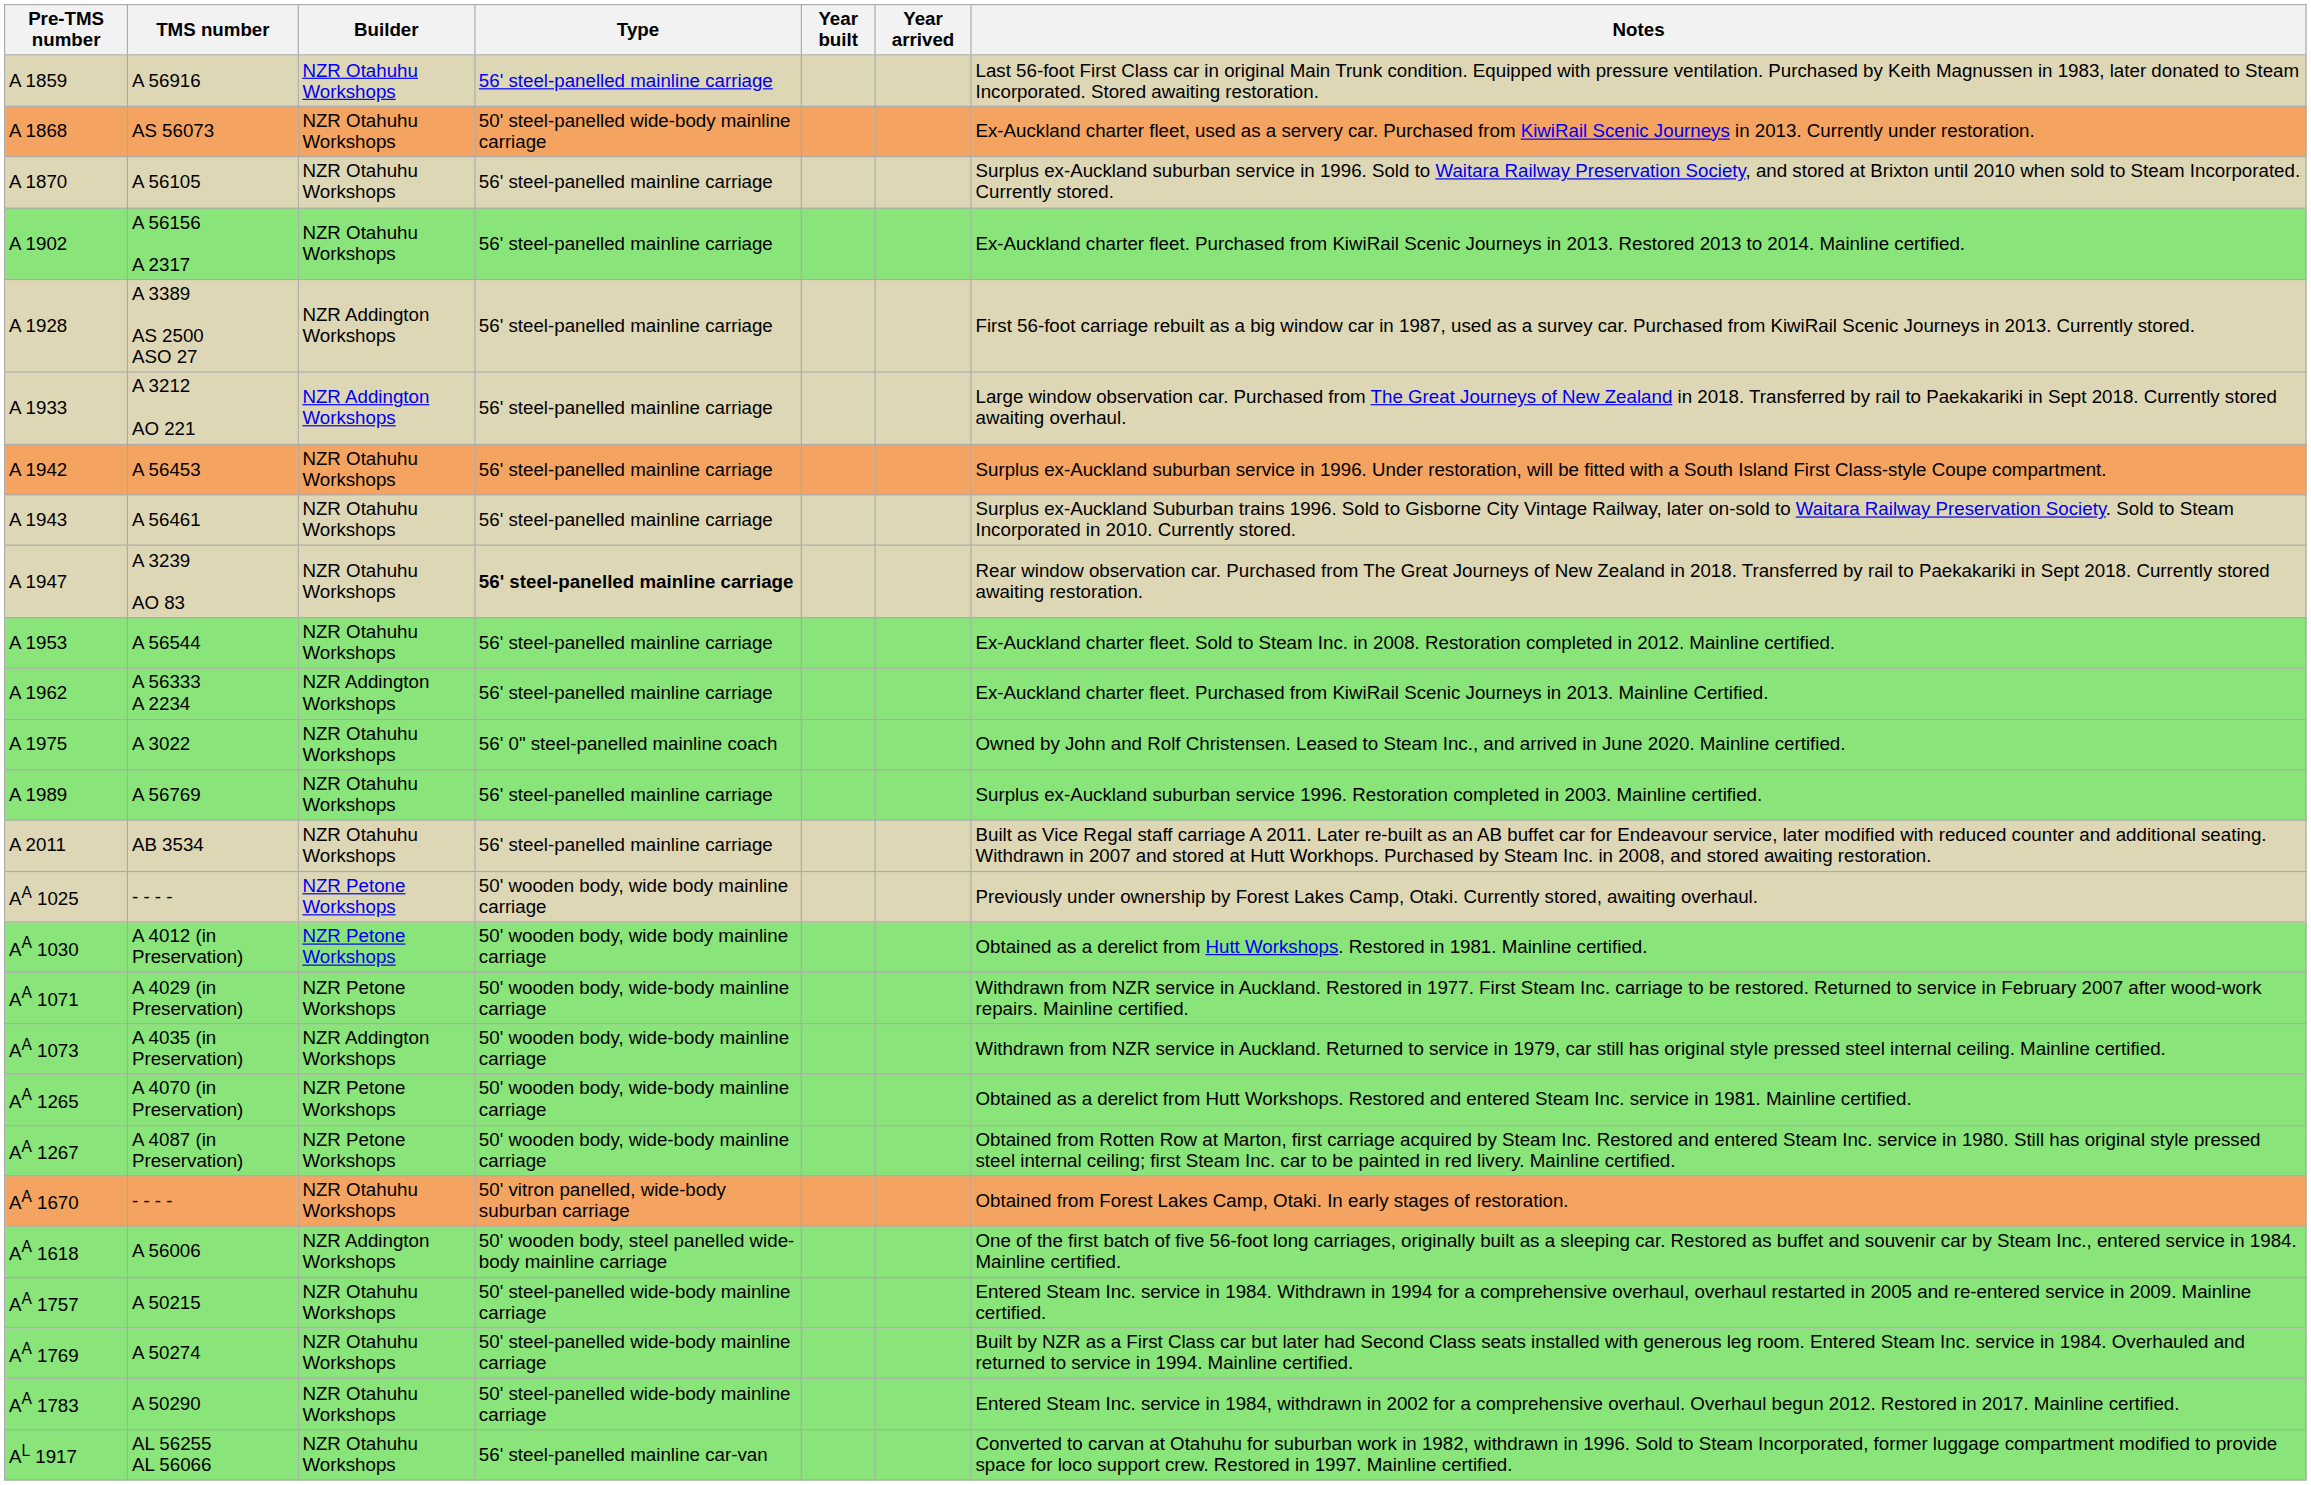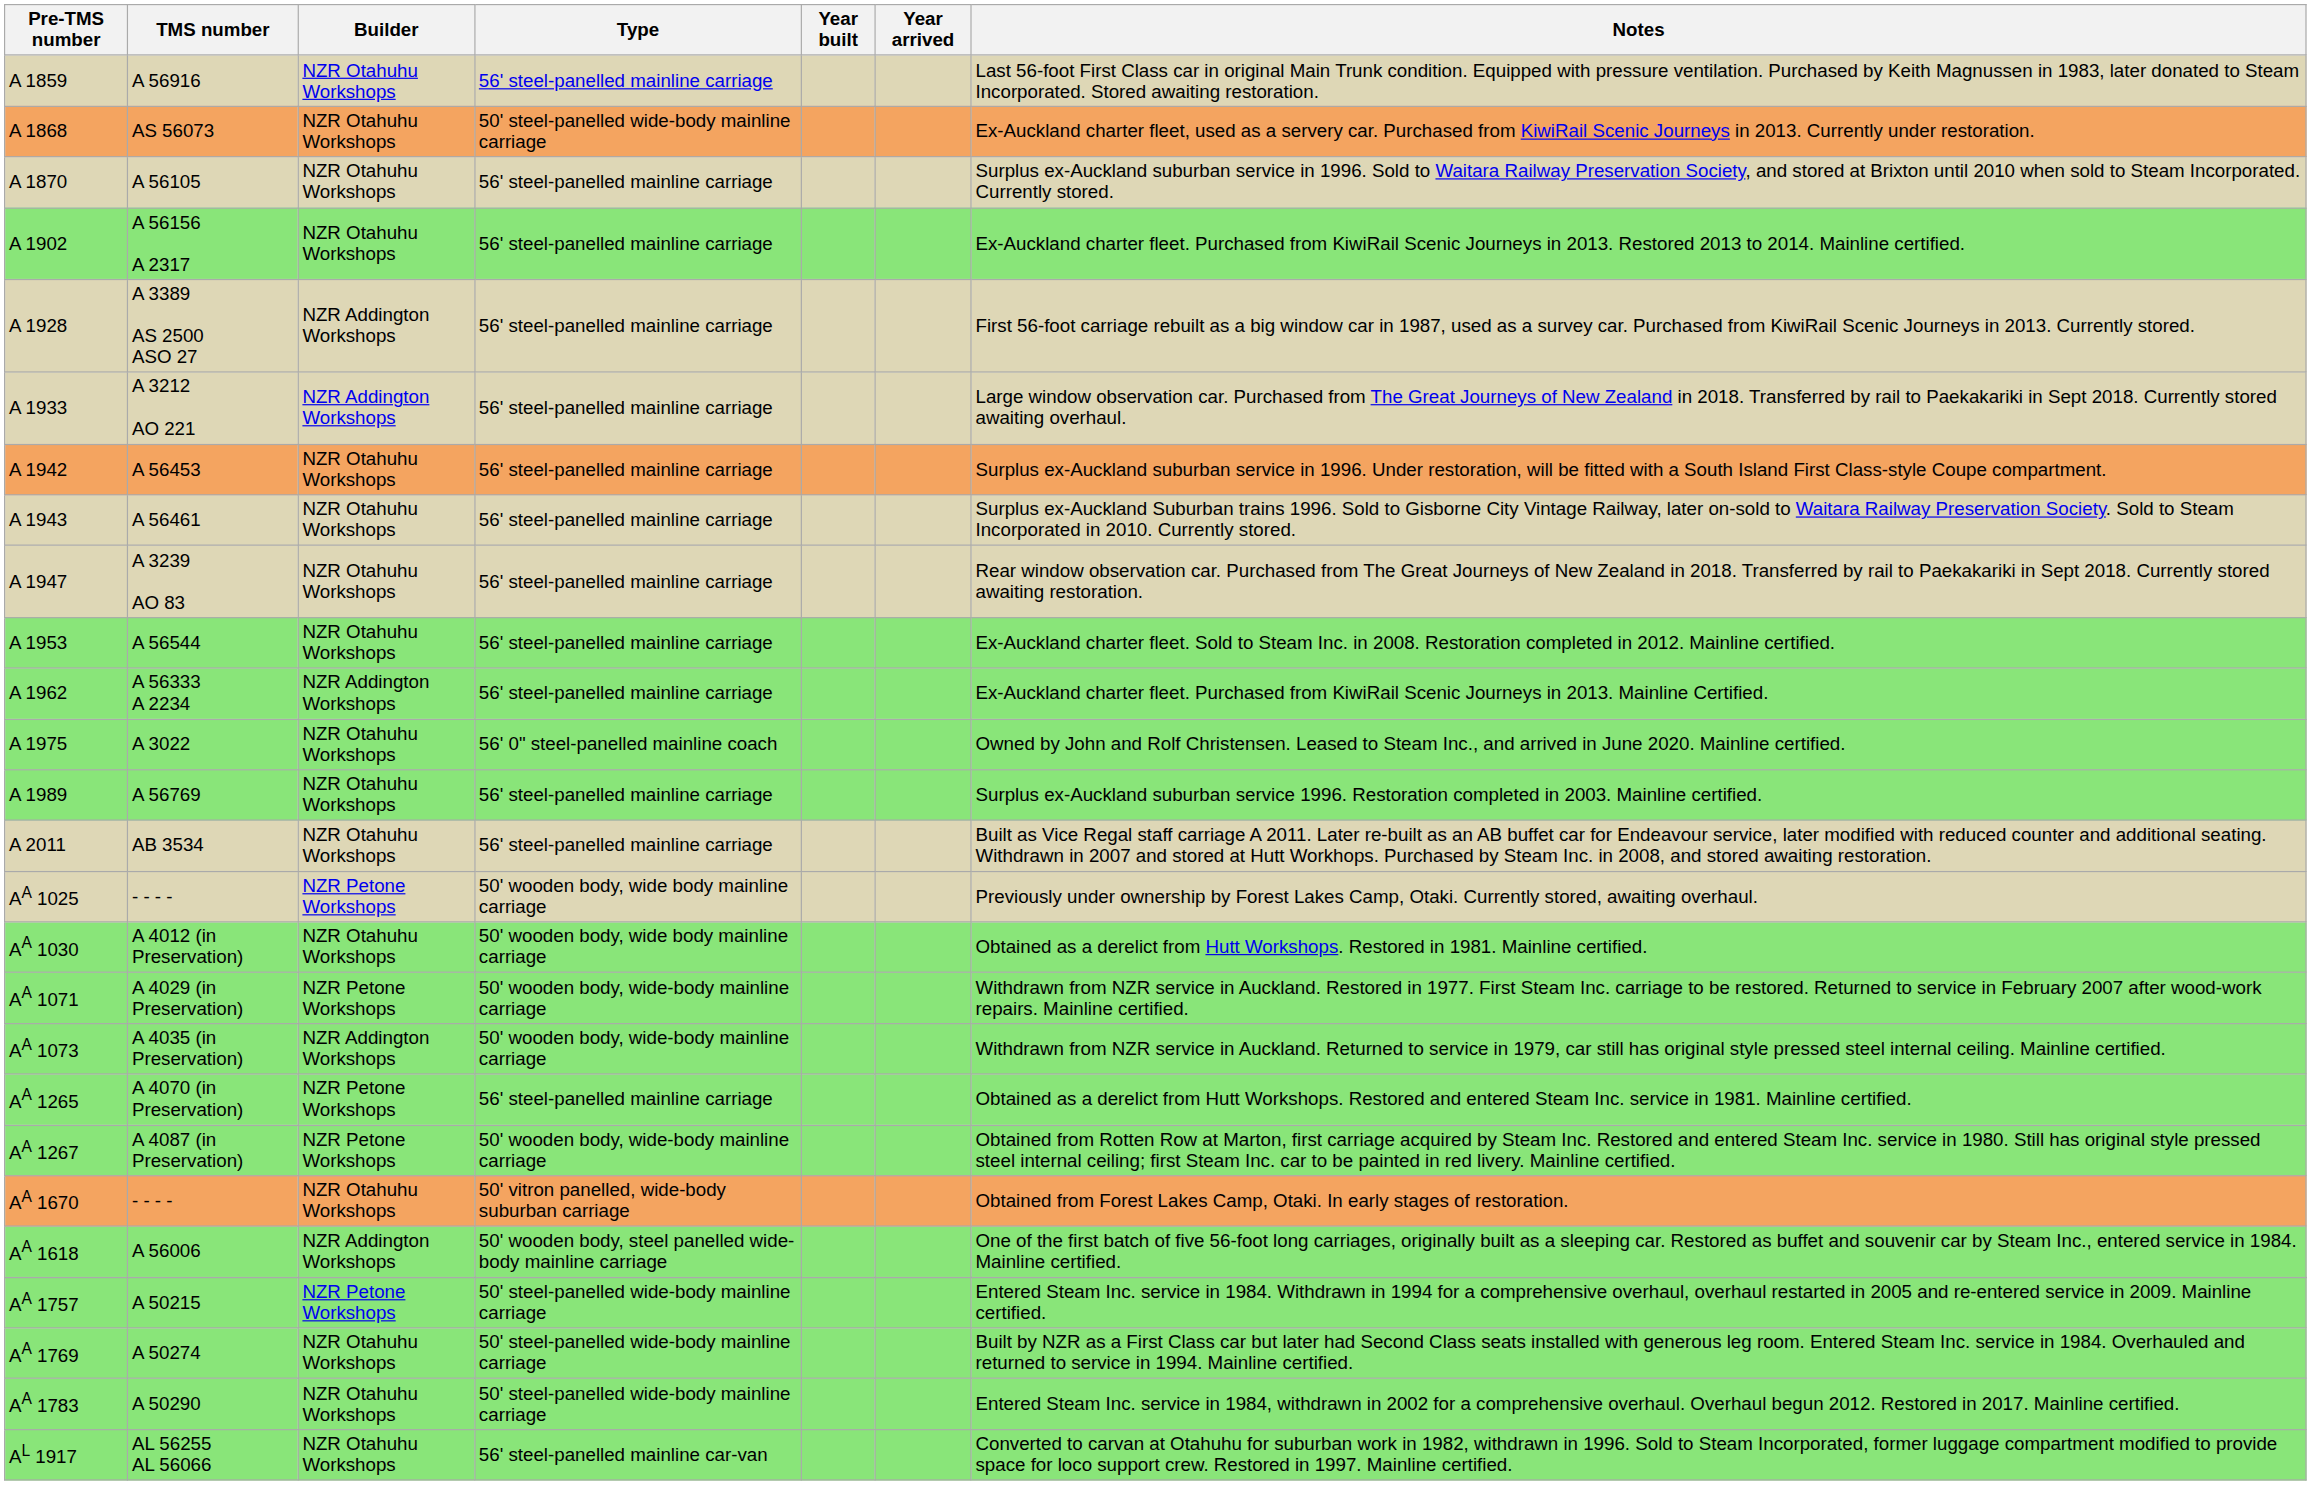 <table class="sortable wikitable" border="1">
 <tr>
 <th>Pre-TMS number</th>
 <th>TMS number</th>
 <th>Builder</th>
 <th>Type</th>
 <th>Year built</th>
 <th>Year arrived</th>
 <th>Notes</th>
 </tr>
 <tr style="background:#DED7B6;">
 <td>A 1859</td>
 <td>A 56916</td>
 <td><a href='#'>NZR Otahuhu Workshops</a></td>
 <td><a href='#'>56' steel-panelled mainline carriage</a></td>
 <td></td>
 <td></td>
 <td>Last 56-foot First Class car in original Main Trunk condition. Equipped with pressure ventilation. Purchased by Keith Magnussen in 1983, later donated to Steam Incorporated. Stored awaiting restoration.</td>
 </tr>
 <tr style="background:#f4a460;">
 <td>A 1868</td>
 <td>AS 56073</td>
 <td>NZR Otahuhu Workshops</td>
 <td>50' steel-panelled wide-body mainline carriage</td>
 <td></td>
 <td></td>
 <td>Ex-Auckland charter fleet, used as a servery car. Purchased from <a href='#'>KiwiRail Scenic Journeys</a> in 2013. Currently under restoration.</td>
 </tr>
 <tr style="background:#DED7B6;">
 <td>A 1870</td>
 <td>A 56105</td>
 <td>NZR Otahuhu Workshops</td>
 <td>56' steel-panelled mainline carriage</td>
 <td></td>
 <td></td>
 <td>Surplus ex-Auckland suburban service in 1996. Sold to <a href='#'>Waitara Railway Preservation Society</a>, and stored at Brixton until 2010 when sold to Steam Incorporated. Currently stored.</td>
 </tr>
 <tr style="background:#89E579;">
 <td>A 1902</td>
 <td>A 56156<br><br>A 2317</td>
 <td>NZR Otahuhu Workshops</td>
 <td>56' steel-panelled mainline carriage</td>
 <td></td>
 <td></td>
 <td>Ex-Auckland charter fleet. Purchased from KiwiRail Scenic Journeys in 2013. Restored 2013 to 2014. Mainline certified.</td>
 </tr>
 <tr style="background:#DED7B6;">
 <td>A 1928</td>
 <td>A 3389<br><br>AS 2500<br> ASO 27</td>
 <td>NZR Addington Workshops</td>
 <td>56' steel-panelled mainline carriage</td>
 <td></td>
 <td></td>
 <td>First 56-foot carriage rebuilt as a big window car in 1987, used as a survey car. Purchased from KiwiRail Scenic Journeys in 2013. Currently stored.</td>
 </tr>
 <tr style="background:#DED7B6;">
 <td>A 1933</td>
 <td>A 3212<br><br>AO 221</td>
 <td><a href='#'>NZR Addington Workshops</a></td>
 <td>56' steel-panelled mainline carriage</td>
 <td></td>
 <td></td>
 <td>Large window observation car. Purchased from <a href='#'>The Great Journeys of New Zealand</a> in 2018. Transferred by rail to Paekakariki in Sept 2018. Currently stored awaiting overhaul.</td>
 </tr>
 <tr style="background:#f4a460;">
 <td>A 1942</td>
 <td>A 56453</td>
 <td>NZR Otahuhu Workshops</td>
 <td>56' steel-panelled mainline carriage</td>
 <td></td>
 <td></td>
 <td>Surplus ex-Auckland suburban service in 1996. Under restoration, will be fitted with a South Island First Class-style Coupe compartment.</td>
 </tr>
 <tr style="background:#DED7B6;">
 <td>A 1943</td>
 <td>A 56461</td>
 <td>NZR Otahuhu Workshops</td>
 <td>56' steel-panelled mainline carriage</td>
 <td></td>
 <td></td>
 <td>Surplus ex-Auckland Suburban trains 1996. Sold to Gisborne City Vintage Railway, later on-sold to <a href='#'>Waitara Railway Preservation Society</a>. Sold to Steam Incorporated in 2010. Currently stored.</td>
 </tr>
 <tr style="background:#DED7B6;">
 <td>A 1947</td>
 <td>A 3239<br><br>AO 83</td>
 <td>NZR Otahuhu Workshops</td>
-<td><strong>56' steel-panelled mainline carriage</strong></td>
+<td>56' steel-panelled mainline carriage</td>
 <td></td>
 <td></td>
 <td>Rear window observation car. Purchased from The Great Journeys of New Zealand in 2018. Transferred by rail to Paekakariki in Sept 2018. Currently stored awaiting restoration.</td>
 </tr>
 <tr style="background:#89E579;">
 <td>A 1953</td>
 <td>A 56544</td>
 <td>NZR Otahuhu Workshops</td>
 <td>56' steel-panelled mainline carriage</td>
 <td></td>
 <td></td>
 <td>Ex-Auckland charter fleet. Sold to Steam Inc. in 2008. Restoration completed in 2012. Mainline certified.</td>
 </tr>
 <tr style="background:#89E579;">
 <td>A 1962</td>
 <td>A 56333<br>A 2234</td>
 <td>NZR Addington Workshops</td>
 <td>56' steel-panelled mainline carriage</td>
 <td></td>
 <td></td>
 <td>Ex-Auckland charter fleet. Purchased from KiwiRail Scenic Journeys in 2013. Mainline Certified.</td>
 </tr>
 <tr style="background:#89E579;">
 <td>A 1975</td>
 <td>A 3022</td>
 <td>NZR Otahuhu Workshops</td>
 <td>56' 0" steel-panelled mainline coach</td>
 <td></td>
 <td></td>
 <td>Owned by John and Rolf Christensen. Leased to Steam Inc., and arrived in June 2020. Mainline certified.</td>
 </tr>
 <tr style="background:#89E579;">
 <td>A 1989</td>
 <td>A 56769</td>
 <td>NZR Otahuhu Workshops</td>
 <td>56' steel-panelled mainline carriage</td>
 <td></td>
 <td></td>
 <td>Surplus ex-Auckland suburban service 1996. Restoration completed in 2003. Mainline certified.</td>
 </tr>
 <tr style="background:#DED7B6;">
 <td>A 2011</td>
 <td>AB 3534</td>
 <td>NZR Otahuhu Workshops</td>
 <td>56' steel-panelled mainline carriage</td>
 <td></td>
 <td></td>
 <td>Built as Vice Regal staff carriage A 2011. Later re-built as an AB buffet car for Endeavour service, later modified with reduced counter and additional seating. Withdrawn in 2007 and stored at Hutt Workhops. Purchased by Steam Inc. in 2008, and stored awaiting restoration.</td>
 </tr>
 <tr style="background:#DED7B6;">
 <td>A<sup>A</sup> 1025</td>
 <td>- - - -</td>
 <td><a href='#'>NZR Petone Workshops</a></td>
 <td>50' wooden body, wide body mainline carriage</td>
 <td></td>
 <td></td>
 <td>Previously under ownership by Forest Lakes Camp, Otaki. Currently stored, awaiting overhaul.</td>
 </tr>
 <tr style="background:#89E579;">
 <td>A<sup>A</sup> 1030</td>
 <td>A 4012 (in Preservation)</td>
-<td><a href='#'>NZR Petone Workshops</a></td>
+<td>NZR Otahuhu Workshops</td>
 <td>50' wooden body, wide body mainline carriage</td>
 <td></td>
 <td></td>
 <td>Obtained as a derelict from <a href='#'>Hutt Workshops</a>. Restored in 1981. Mainline certified.</td>
 </tr>
 <tr style="background:#89E579;">
 <td>A<sup>A</sup> 1071</td>
 <td>A 4029 (in Preservation)</td>
 <td>NZR Petone Workshops</td>
 <td>50' wooden body, wide-body mainline carriage</td>
 <td></td>
 <td></td>
 <td>Withdrawn from NZR service in Auckland. Restored in 1977. First Steam Inc. carriage to be restored. Returned to service in February 2007 after wood-work repairs. Mainline certified.</td>
 </tr>
 <tr style="background:#89E579;">
 <td>A<sup>A</sup> 1073</td>
 <td>A 4035 (in Preservation)</td>
 <td>NZR Addington Workshops</td>
 <td>50' wooden body, wide-body mainline carriage</td>
 <td></td>
 <td></td>
 <td>Withdrawn from NZR service in Auckland. Returned to service in 1979, car still has original style pressed steel internal ceiling. Mainline certified.</td>
 </tr>
 <tr style="background:#89E579;">
 <td>A<sup>A</sup> 1265</td>
 <td>A 4070 (in Preservation)</td>
 <td>NZR Petone Workshops</td>
-<td>50' wooden body, wide-body mainline carriage</td>
+<td>56' steel-panelled mainline carriage</td>
 <td></td>
 <td></td>
 <td>Obtained as a derelict from Hutt Workshops. Restored and entered Steam Inc. service in 1981. Mainline certified.</td>
 </tr>
 <tr style="background:#89E579;">
 <td>A<sup>A</sup> 1267</td>
 <td>A 4087 (in Preservation)</td>
 <td>NZR Petone Workshops</td>
 <td>50' wooden body, wide-body mainline carriage</td>
 <td></td>
 <td></td>
 <td>Obtained from Rotten Row at Marton, first carriage acquired by Steam Inc. Restored and entered Steam Inc. service in 1980. Still has original style pressed steel internal ceiling; first Steam Inc. car to be painted in red livery. Mainline certified.</td>
 </tr>
 <tr style="background:#f4a460;">
 <td>A<sup>A</sup> 1670</td>
 <td>- - - -</td>
 <td>NZR Otahuhu Workshops</td>
 <td>50' vitron panelled, wide-body suburban carriage</td>
 <td></td>
 <td></td>
 <td>Obtained from Forest Lakes Camp, Otaki. In early stages of restoration.</td>
 </tr>
 <tr style="background:#89E579;">
 <td>A<sup>A</sup> 1618</td>
 <td>A 56006</td>
 <td>NZR Addington Workshops</td>
 <td>50' wooden body, steel panelled wide-body mainline carriage</td>
 <td></td>
 <td></td>
 <td>One of the first batch of five 56-foot long carriages, originally built as a sleeping car. Restored as buffet and souvenir car by Steam Inc., entered service in 1984. Mainline certified.</td>
 </tr>
 <tr style="background:">
 </tr>
 <tr style="background:#89E579;">
 <td>A<sup>A</sup> 1757</td>
 <td>A 50215</td>
-<td>NZR Otahuhu Workshops</td>
+<td><a href='#'>NZR Petone Workshops</a></td>
 <td>50' steel-panelled wide-body mainline carriage</td>
 <td></td>
 <td></td>
 <td>Entered Steam Inc. service in 1984. Withdrawn in 1994 for a comprehensive overhaul, overhaul restarted in 2005 and re-entered service in 2009. Mainline certified.</td>
 </tr>
 <tr style="background:#89E579;">
 <td>A<sup>A</sup> 1769</td>
 <td>A 50274</td>
 <td>NZR Otahuhu Workshops</td>
 <td>50' steel-panelled wide-body mainline carriage</td>
 <td></td>
 <td></td>
 <td>Built by NZR as a First Class car but later had Second Class seats installed with generous leg room. Entered Steam Inc. service in 1984. Overhauled and returned to service in 1994. Mainline certified.</td>
 </tr>
 <tr style="background:#89E579;">
 <td>A<sup>A</sup> 1783</td>
 <td>A 50290</td>
 <td>NZR Otahuhu Workshops</td>
 <td>50' steel-panelled wide-body mainline carriage</td>
 <td></td>
 <td></td>
 <td>Entered Steam Inc. service in 1984, withdrawn in 2002 for a comprehensive overhaul. Overhaul begun 2012. Restored in 2017. Mainline certified.</td>
 </tr>
 <tr style="background:#89E579;">
 <td>A<sup>L</sup> 1917</td>
 <td>AL 56255<br>AL 56066</td>
 <td>NZR Otahuhu Workshops</td>
 <td>56' steel-panelled mainline car-van</td>
 <td></td>
 <td></td>
 <td>Converted to carvan at Otahuhu for suburban work in 1982, withdrawn in 1996. Sold to Steam Incorporated, former luggage compartment modified to provide space for loco support crew. Restored in 1997. Mainline certified.</td>
 </tr>
 </table>
